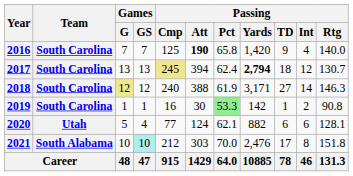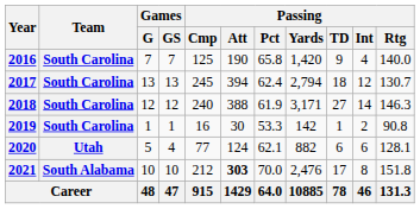 <table class="wikitable" style="text-align:center;">
 <tr>
 <th rowspan="2">Year</th>
 <th rowspan="2">Team</th>
 <th colspan="2">Games</th>
 <th colspan="7">Passing</th>
 </tr>
 <tr>
 <th>G</th>
 <th>GS</th>
 <th>Cmp</th>
 <th>Att</th>
 <th>Pct</th>
 <th>Yards</th>
 <th>TD</th>
 <th>Int</th>
 <th>Rtg</th>
 </tr>
 <tr>
 <th><a href='#'>2016</a></th>
 <th><a href='#'>South Carolina</a></th>
 <td>7</td>
 <td>7</td>
 <td>125</td>
-<td><strong>190</strong></td>
+<td>190</td>
 <td>65.8</td>
 <td>1,420</td>
 <td>9</td>
 <td>4</td>
 <td>140.0</td>
 </tr>
 <tr>
 <th><a href='#'>2017</a></th>
 <th><a href='#'>South Carolina</a></th>
 <td>13</td>
 <td>13</td>
-<td style="background: khaki;">245</td>
+<td>245</td>
 <td>394</td>
 <td>62.4</td>
-<td><strong>2,794</strong></td>
+<td>2,794</td>
 <td>18</td>
 <td>12</td>
 <td>130.7</td>
 </tr>
 <tr>
 <th><a href='#'>2018</a></th>
 <th><a href='#'>South Carolina</a></th>
-<td style="background: khaki;">12</td>
+<td>12</td>
 <td>12</td>
 <td>240</td>
 <td>388</td>
 <td>61.9</td>
 <td>3,171</td>
 <td>27</td>
 <td>14</td>
 <td>146.3</td>
 </tr>
 <tr>
 <th><a href='#'>2019</a></th>
 <th><a href='#'>South Carolina</a></th>
 <td>1</td>
 <td>1</td>
 <td>16</td>
 <td>30</td>
-<td style="background: lightgreen;">53.3</td>
+<td>53.3</td>
 <td>142</td>
 <td>1</td>
 <td>2</td>
 <td>90.8</td>
 </tr>
 <tr>
 <th><a href='#'>2020</a></th>
 <th><a href='#'>Utah</a></th>
 <td>5</td>
 <td>4</td>
 <td>77</td>
 <td>124</td>
 <td>62.1</td>
 <td>882</td>
 <td>6</td>
 <td>6</td>
 <td>128.1</td>
 </tr>
 <tr>
 <th><a href='#'>2021</a></th>
 <th><a href='#'>South Alabama</a></th>
 <td>10</td>
-<td style="background: paleturquoise;">10</td>
+<td>10</td>
 <td>212</td>
-<td>303</td>
+<td><strong>303</strong></td>
 <td>70.0</td>
 <td>2,476</td>
 <td>17</td>
 <td>8</td>
 <td>151.8</td>
 </tr>
 <tr>
 <th colspan="2">Career</th>
 <th>48</th>
 <th>47</th>
 <th>915</th>
 <th>1429</th>
 <th>64.0</th>
 <th>10885</th>
 <th>78</th>
 <th>46</th>
 <th>131.3</th>
 </tr>
 </table>
